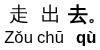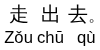 <table align="right" style="text-align:center;">
 <tr>
 <td colspan="3"></td>
 </tr>
 <tr>
 <td><big>走</big><br>Zǒu</td>
 <td><big>出</big><br>chū</td>
-<td><strong><big>去</big>。<br>qù</strong></td>
+<td><big>去</big>。<br>qù</td>
 </tr>
 </table>
